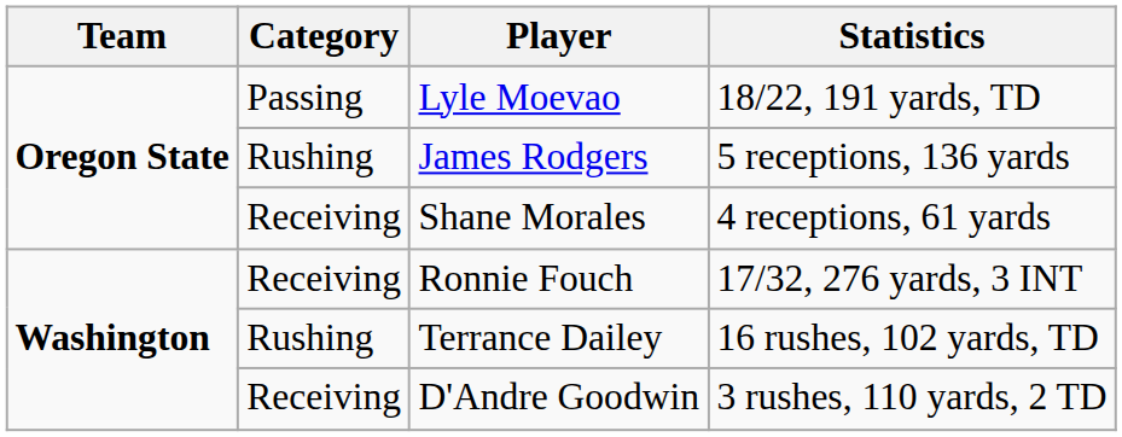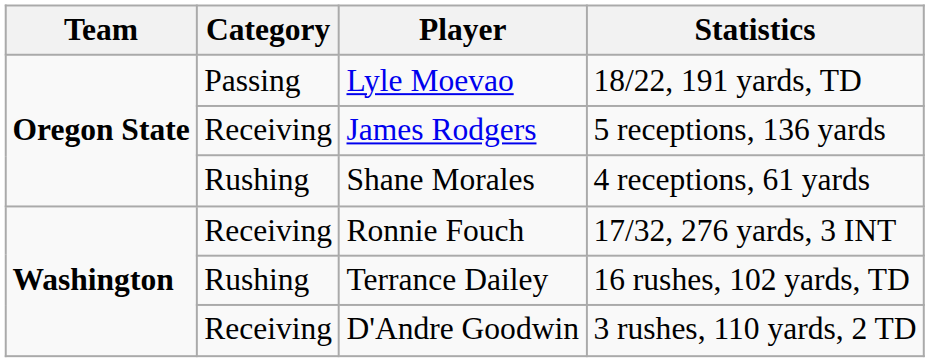 <table class="wikitable" style="float: right;">
 <tr>
 <th>Team</th>
 <th>Category</th>
 <th>Player</th>
 <th>Statistics</th>
 </tr>
 <tr>
 <td rowspan=3><strong>Oregon State</strong></td>
 <td>Passing</td>
 <td><a href='#'>Lyle Moevao</a></td>
 <td>18/22, 191 yards, TD</td>
 </tr>
 <tr>
-<td>Rushing</td>
+<td>Receiving</td>
 <td><a href='#'>James Rodgers</a></td>
 <td>5 receptions, 136 yards</td>
 </tr>
 <tr>
-<td>Receiving</td>
+<td>Rushing</td>
 <td>Shane Morales</td>
 <td>4 receptions, 61 yards</td>
 </tr>
 <tr>
 <td rowspan=3><strong>Washington</strong></td>
 <td>Receiving</td>
 <td>Ronnie Fouch</td>
 <td>17/32, 276 yards, 3 INT</td>
 </tr>
 <tr>
 <td>Rushing</td>
 <td>Terrance Dailey</td>
 <td>16 rushes, 102 yards, TD</td>
 </tr>
 <tr>
 <td>Receiving</td>
 <td>D'Andre Goodwin</td>
 <td>3 rushes, 110 yards, 2 TD</td>
 </tr>
 </table>
